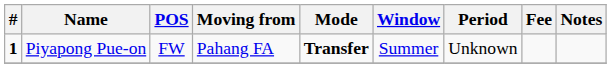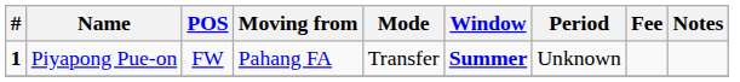 <table class="wikitable sortable" style="text-align: center; font-size:90%;">
 <tr>
 <th>#</th>
 <th>Name</th>
 <th><a href='#'>POS</a></th>
 <th>Moving from</th>
 <th>Mode</th>
 <th><a href='#'>Window</a></th>
 <th>Period</th>
 <th>Fee</th>
 <th>Notes</th>
 </tr>
 <tr>
 <td><strong>1</strong></td>
 <td align=left> <a href='#'>Piyapong Pue-on</a></td>
 <td><a href='#'>FW</a></td>
 <td align=left> <a href='#'>Pahang FA</a></td>
-<td><strong>Transfer</strong></td>
-<td><a href='#'>Summer</a></td>
+<td>Transfer</td>
+<td><strong><a href='#'>Summer</a></strong></td>
 <td>Unknown</td>
 <td></td>
 <td></td>
 </tr>
 <tr>
 </tr>
 </table>
